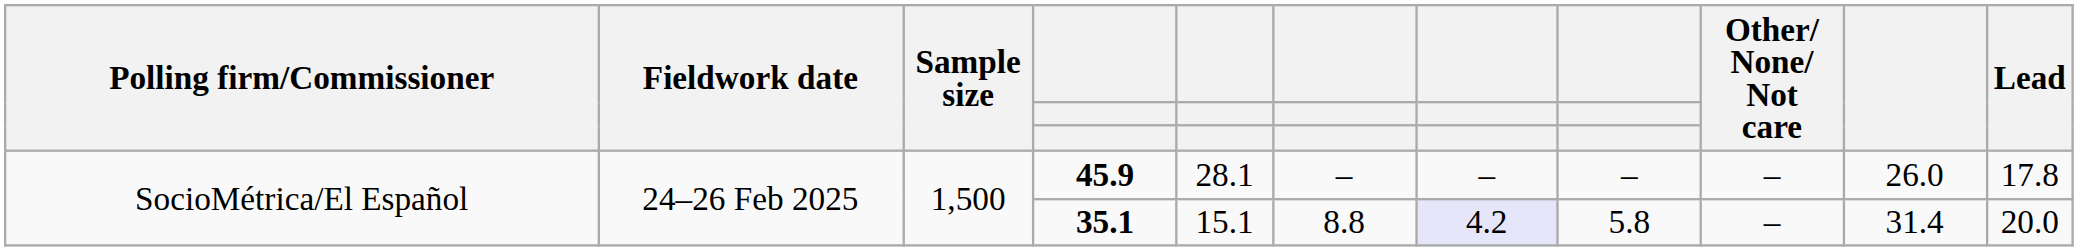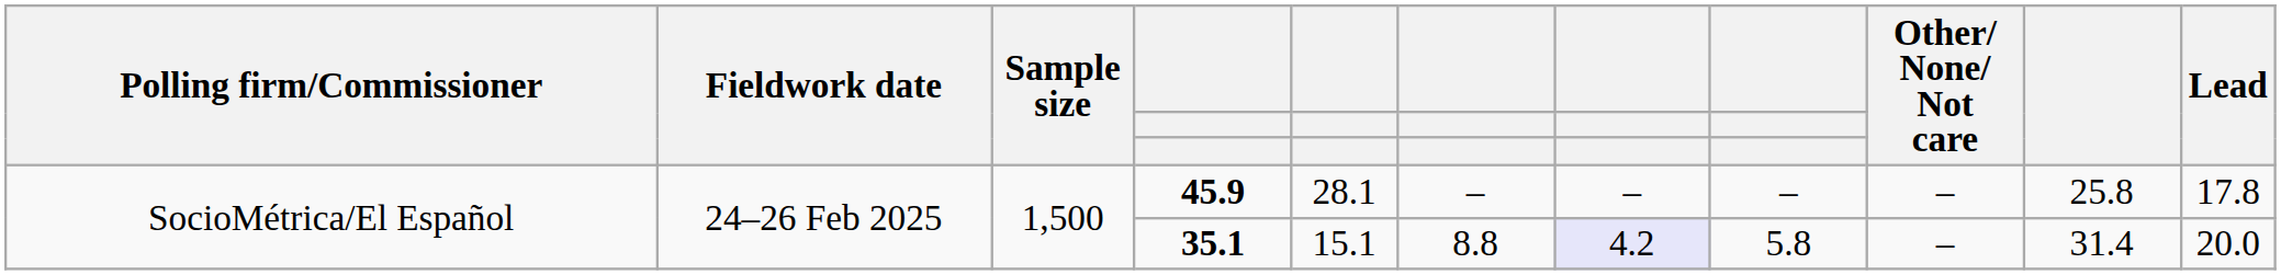 <table class="wikitable collapsible collapsed" style="text-align:center; font-size:90%; line-height:14px;">
 <tr style="height:42px;">
 <th style="width:250px;" rowspan="3">Polling firm/Commissioner</th>
 <th style="width:125px;" rowspan="3">Fieldwork date</th>
 <th style="width:50px;" rowspan="3">Sample size</th>
 <th style="width:55px;"></th>
 <th style="width:35px;"></th>
 <th style="width:55px;"></th>
 <th style="width:55px;"></th>
 <th style="width:55px;"></th>
 <th style="width:55px;" rowspan="3">Other/<br>None/<br>Not<br>care</th>
 <th style="width:55px;" rowspan="3"></th>
 <th style="width:30px;" rowspan="3">Lead</th>
 </tr>
 <tr>
 <th style="color:inherit;background:"></th>
 <th style="color:inherit;background:"></th>
 <th style="color:inherit;background:"></th>
 <th style="color:inherit;background:"></th>
 <th style="color:inherit;background:"></th>
 </tr>
 <tr>
 <th></th>
 <th></th>
 <th></th>
 <th></th>
 <th></th>
 </tr>
 <tr>
 <td rowspan="2">SocioMétrica/El Español</td>
 <td rowspan="2">24–26 Feb 2025</td>
 <td rowspan="2">1,500</td>
 <td><strong>45.9</strong></td>
 <td>28.1</td>
 <td>–</td>
 <td>–</td>
 <td>–</td>
 <td>–</td>
-<td>26.0</td>
+<td>25.8</td>
 <td style="background:">17.8</td>
 </tr>
 <tr>
 <td><strong>35.1</strong></td>
 <td>15.1</td>
 <td>8.8</td>
 <td style="background: lavender;">4.2</td>
 <td>5.8</td>
 <td>–</td>
 <td>31.4</td>
 <td style="background:">20.0</td>
 </tr>
 </table>
